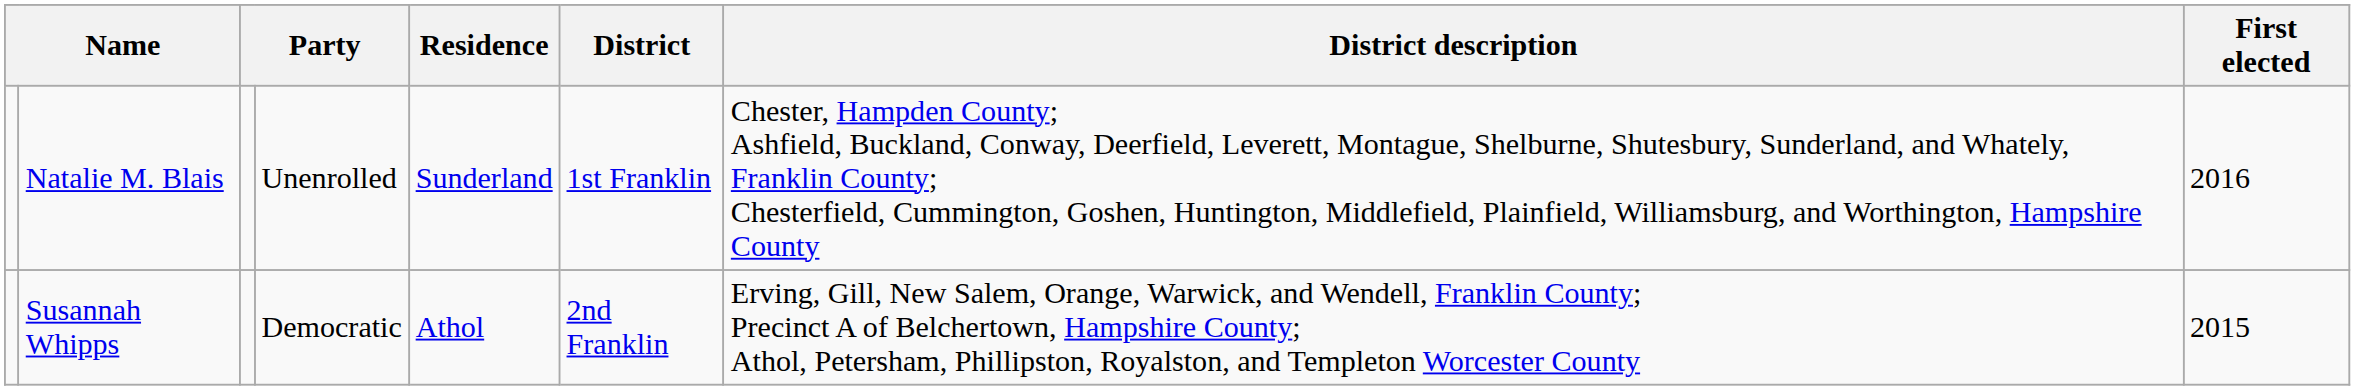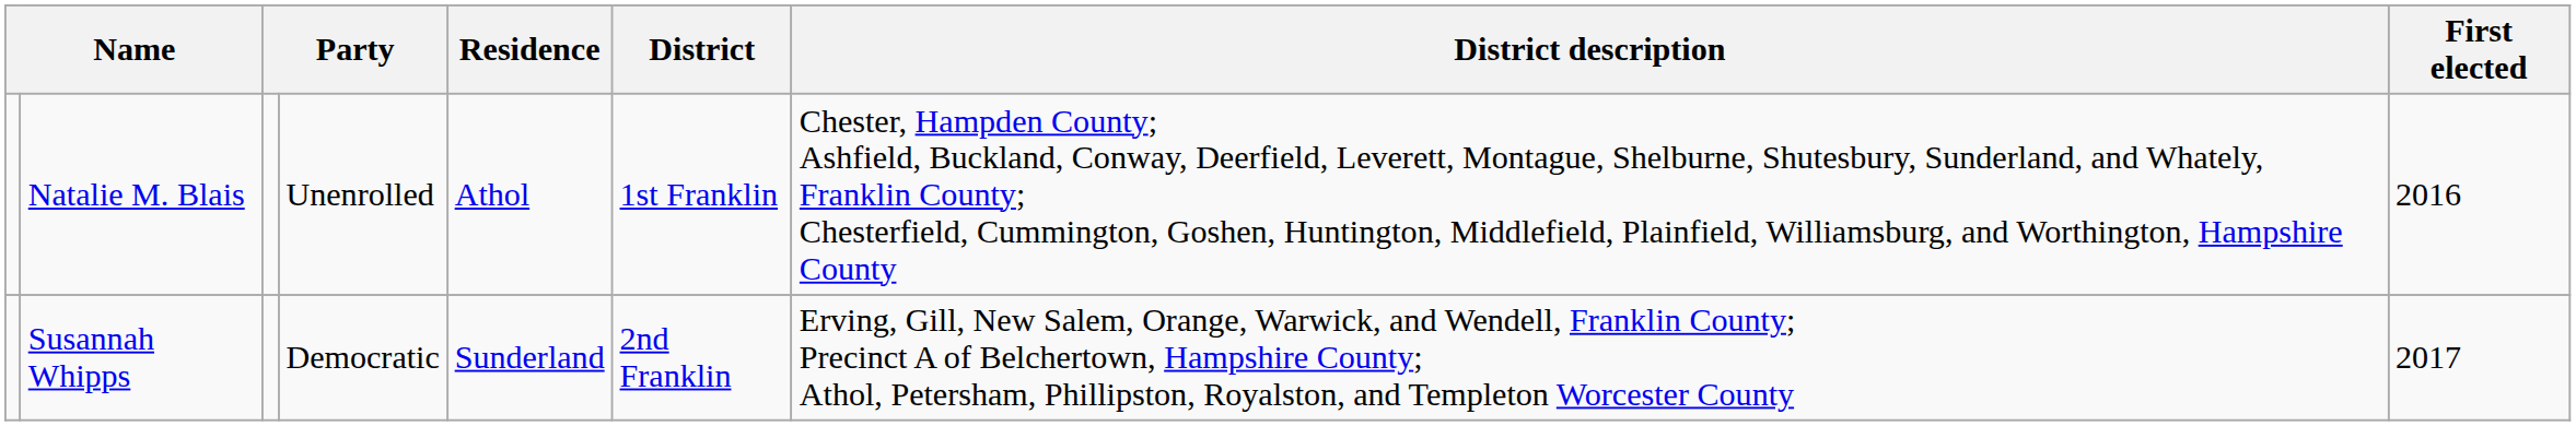 <table class="wikitable sortable" style="text-align:left;">
 <tr>
 <th colspan="2">Name</th>
 <th colspan=2>Party</th>
 <th>Residence</th>
 <th>District</th>
 <th>District description</th>
 <th>First elected</th>
 </tr>
 <tr>
 <td></td>
 <td><a href='#'>Natalie M. Blais</a></td>
 <td style="background-color:"></td>
 <td>Unenrolled</td>
-<td><a href='#'>Sunderland</a></td>
+<td><a href='#'>Athol</a></td>
 <td><a href='#'>1st Franklin</a></td>
 <td>Chester, <a href='#'>Hampden County</a>;<br>Ashfield, Buckland, Conway, Deerfield, Leverett, Montague, Shelburne, Shutesbury, Sunderland, and Whately, <a href='#'>Franklin County</a>;<br>Chesterfield, Cummington, Goshen, Huntington, Middlefield, Plainfield, Williamsburg, and Worthington, <a href='#'>Hampshire County</a></td>
 <td>2016</td>
 </tr>
 <tr>
 <td></td>
 <td><a href='#'>Susannah Whipps</a></td>
 <td style="background-color:"></td>
 <td>Democratic</td>
-<td><a href='#'>Athol</a></td>
+<td><a href='#'>Sunderland</a></td>
 <td><a href='#'>2nd Franklin</a></td>
 <td>Erving, Gill, New Salem, Orange, Warwick, and Wendell, <a href='#'>Franklin County</a>;<br>Precinct A of Belchertown, <a href='#'>Hampshire County</a>;<br>Athol, Petersham, Phillipston, Royalston, and Templeton <a href='#'>Worcester County</a></td>
-<td>2015</td>
+<td>2017</td>
 </tr>
 </table>
